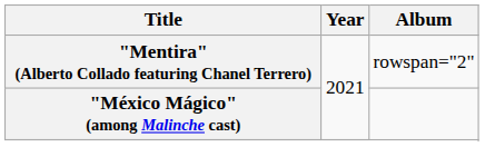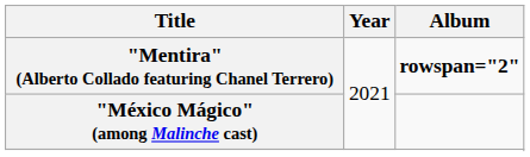 <table class="wikitable plainrowheaders" style="text-align:center;">
 <tr>
 <th scope="col" style="width:16em;">Title</th>
 <th scope="col">Year</th>
 <th>Album</th>
 </tr>
 <tr>
 <th scope="row">"Mentira"<br><small>(Alberto Collado featuring Chanel Terrero)</small></th>
 <td rowspan="2">2021</td>
-<td>rowspan="2" </td>
+<td><strong>rowspan="2" </strong></td>
 </tr>
 <tr>
 <th scope="row">"México Mágico"<br><small>(among <em><a href='#'>Malinche</a></em> cast)</small></th>
 </tr>
 <tr>
 </tr>
 </table>
